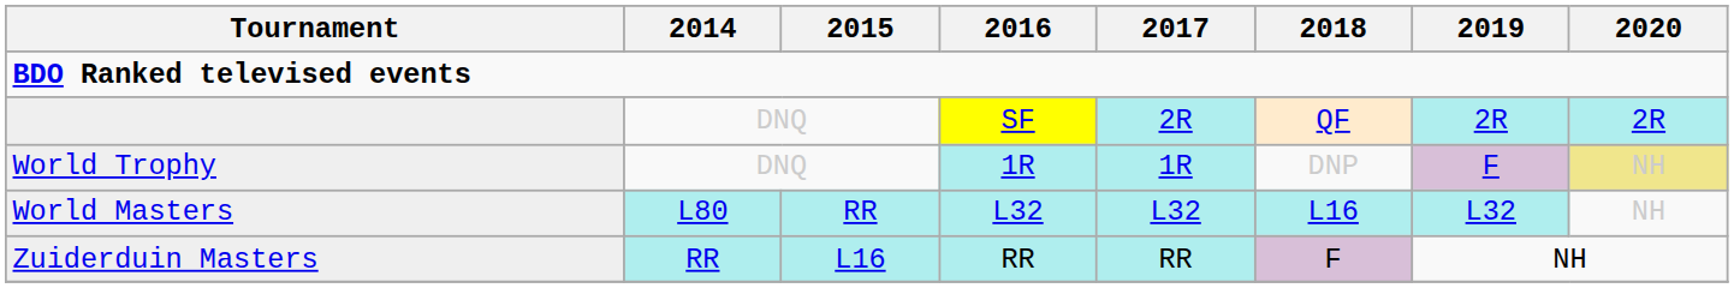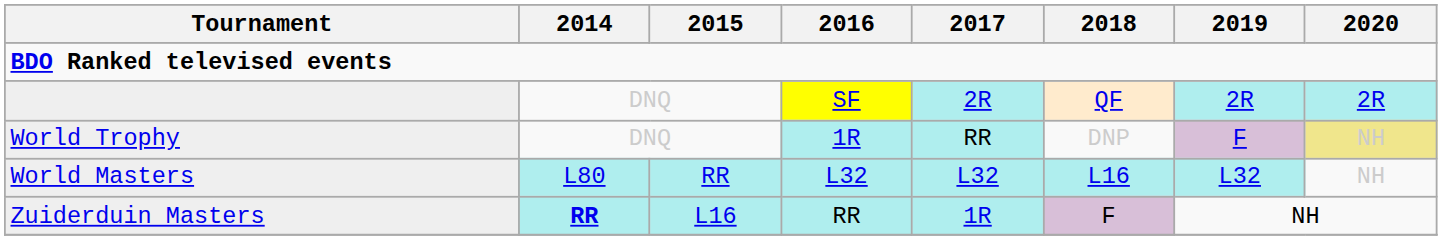 <table class="wikitable" style="width:50%; margin:0">
 <tr>
 <th>Tournament</th>
 <th>2014</th>
 <th>2015</th>
 <th>2016</th>
 <th>2017</th>
 <th>2018</th>
 <th>2019</th>
 <th>2020</th>
 </tr>
 <tr>
 <td colspan="31" align="left"><strong><a href='#'>BDO</a> Ranked televised events</strong></td>
 </tr>
 <tr>
 <td style="background:#efefef;"></td>
 <td colspan="2" style="text-align:center; color:#ccc;">DNQ</td>
 <td style="text-align:center; background:yellow;"><a href='#'>SF</a></td>
 <td style="text-align:center; background:#afeeee;"><a href='#'>2R</a></td>
 <td style="text-align:center; background:#ffebcd;"><a href='#'>QF</a></td>
 <td style="text-align:center; background:#afeeee;"><a href='#'>2R</a></td>
 <td style="text-align:center; background:#afeeee;"><a href='#'>2R</a></td>
 </tr>
 <tr>
 <td style="background:#efefef;"><a href='#'>World Trophy</a></td>
 <td colspan="2" style="text-align:center; color:#ccc;">DNQ</td>
 <td style="text-align:center; background:#afeeee;"><a href='#'>1R</a></td>
-<td style="text-align:center; background:#afeeee;"><a href='#'>1R</a></td>
+<td style="text-align:center; background:#afeeee;">RR</td>
 <td style="text-align:center; color:#ccc;">DNP</td>
 <td style="text-align:center; background:thistle;"><a href='#'>F</a></td>
 <td style="background: khaki; text-align:center; color:#ccc;">NH</td>
 </tr>
 <tr>
 <td style="background:#efefef;"><a href='#'>World Masters</a></td>
 <td style="text-align:center; background:#afeeee;"><a href='#'>L80</a></td>
 <td style="text-align:center; background:#afeeee;"><a href='#'>RR</a></td>
 <td style="text-align:center; background:#afeeee;"><a href='#'>L32</a></td>
 <td style="text-align:center; background:#afeeee;"><a href='#'>L32</a></td>
 <td style="text-align:center; background:#afeeee;"><a href='#'>L16</a></td>
 <td style="text-align:center; background:#afeeee;"><a href='#'>L32</a></td>
 <td style="text-align:center; color:#ccc;">NH</td>
 </tr>
 <tr>
 <td style="background:#efefef;"><a href='#'>Zuiderduin Masters</a></td>
-<td style="text-align:center; background:#afeeee;"><a href='#'>RR</a></td>
+<td style="text-align:center; background:#afeeee;"><strong><a href='#'>RR</a></strong></td>
 <td style="text-align:center; background:#afeeee;"><a href='#'>L16</a></td>
 <td style="text-align:center; background:#afeeee;">RR</td>
-<td style="text-align:center; background:#afeeee;">RR</td>
+<td style="text-align:center; background:#afeeee;"><a href='#'>1R</a></td>
 <td style="text-align:center; background:thistle;">F</td>
 <td colspan="2" style="text-align:center;">NH</td>
 </tr>
 <tr>
 </tr>
 </table>
